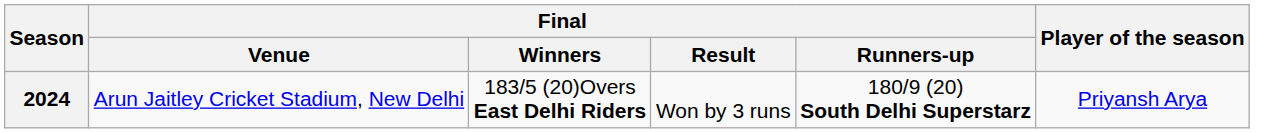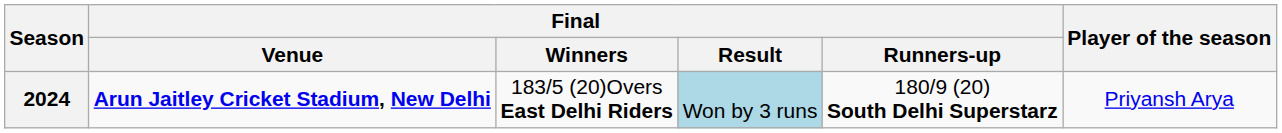 <table class="wikitable" style="text-align:center">
 <tr>
 <th rowspan=2>Season</th>
 <th colspan=4>Final</th>
 <th rowspan=2>Player of the season</th>
 </tr>
 <tr>
 <th>Venue</th>
 <th>Winners</th>
 <th>Result</th>
 <th>Runners-up</th>
 </tr>
 <tr>
 <th>2024</th>
-<td><a href='#'>Arun Jaitley Cricket Stadium</a>, <a href='#'>New Delhi</a></td>
+<td><strong><a href='#'>Arun Jaitley Cricket Stadium</a>, <a href='#'>New Delhi</a></strong></td>
 <td>183/5 (20)Overs <br><strong>East Delhi Riders</strong></td>
-<td><strong></strong><br>Won by 3 runs</td>
+<td style="background: lightblue;"><strong></strong><br>Won by 3 runs</td>
 <td>180/9 (20)<br><strong>South Delhi Superstarz</strong></td>
 <td><a href='#'>Priyansh Arya</a></td>
 </tr>
 </table>
